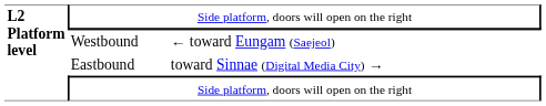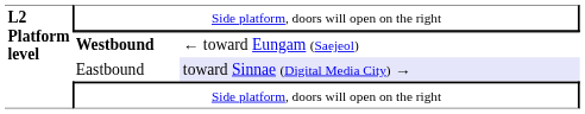 <table table border=0 cellspacing=0 cellpadding=3>
 <tr>
 <td style="border-top:solid 1px gray;border-bottom:solid 1px gray;" width=50 rowspan=10 valign=top><strong>L2<br>Platform level</strong></td>
 <td style="border-top:solid 1px gray;border-right:solid 2px black;border-left:solid 2px black;border-bottom:solid 2px black;text-align:center;" colspan=2><small><a href='#'>Side platform</a>, doors will open on the right</small></td>
 </tr>
 <tr>
-<td style="border-bottom:solid 0px gray;border-top:solid 1px gray;" width=100>Westbound</td>
+<td style="border-bottom:solid 0px gray;border-top:solid 1px gray;" width=100><strong>Westbound</strong></td>
 <td style="border-bottom:solid 0px gray;border-top:solid 1px gray;" width=390>←  toward <a href='#'>Eungam</a> <small>(<a href='#'>Saejeol</a>)</small></td>
 </tr>
 <tr>
 <td>Eastbound</td>
-<td>  toward <a href='#'>Sinnae</a> <small>(<a href='#'>Digital Media City</a>)</small> →</td>
+<td style="background: lavender;">  toward <a href='#'>Sinnae</a> <small>(<a href='#'>Digital Media City</a>)</small> →</td>
 </tr>
 <tr>
 <td style="border-top:solid 2px black;border-right:solid 2px black;border-left:solid 2px black;border-bottom:solid 1px gray;text-align:center;" colspan=2><small><a href='#'>Side platform</a>, doors will open on the right </small></td>
 </tr>
 </table>
